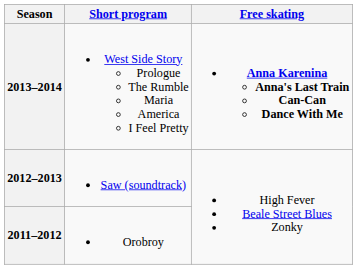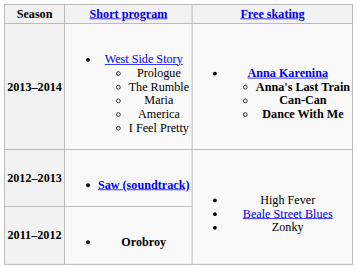 <table class=wikitable style=text-align:center>
 <tr>
 <th>Season</th>
 <th><a href='#'>Short program</a></th>
 <th><a href='#'>Free skating</a></th>
 </tr>
 <tr>
 <th>2013–2014 <br> </th>
 <td><br><ul><li><a href='#'>West Side Story</a> <br><ul><li>Prologue</li><li>The Rumble</li><li>Maria</li><li>America</li><li>I Feel Pretty</li></ul></li></ul></td>
 <td><strong><br><ul><li><a href='#'>Anna Karenina</a> <br><ul><li>Anna's Last Train</li><li>Can-Can</li><li>Dance With Me</li></ul></li></ul></strong></td>
 </tr>
 <tr>
 <th>2012–2013 <br> </th>
-<td><br><ul><li><a href='#'>Saw (soundtrack)</a></li></ul></td>
+<td><strong><br><ul><li><a href='#'>Saw (soundtrack)</a></li></ul></strong></td>
 <td rowspan=2><br><ul><li>High Fever <br></li><li><a href='#'>Beale Street Blues</a> <br></li><li>Zonky <br></li></ul></td>
 </tr>
 <tr>
 <th>2011–2012 <br> </th>
-<td><br><ul><li>Orobroy <br></li></ul></td>
+<td><strong><br><ul><li>Orobroy <br></li></ul></strong></td>
 </tr>
 </table>
